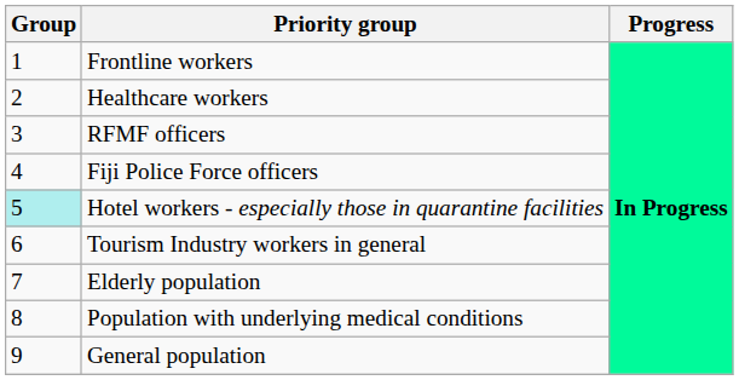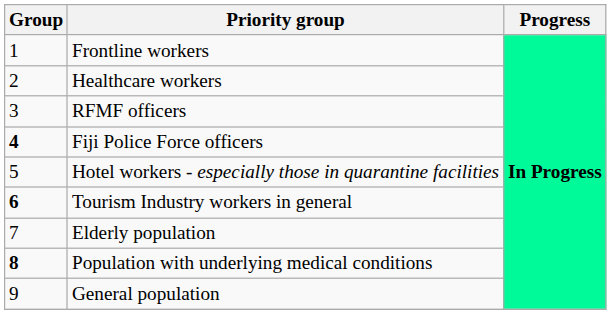 <table class="wikitable">
 <tr>
 <th>Group</th>
 <th>Priority group</th>
 <th>Progress</th>
 </tr>
 <tr>
 <td>1</td>
 <td>Frontline workers</td>
 <td rowspan="9" style="background-color:#00fa9a;"><strong>In Progress</strong></td>
 </tr>
 <tr>
 <td>2</td>
 <td>Healthcare workers</td>
 </tr>
 <tr>
 <td>3</td>
 <td>RFMF officers</td>
 </tr>
 <tr>
-<td>4</td>
+<td><strong>4</strong></td>
 <td>Fiji Police Force officers</td>
 </tr>
 <tr>
-<td style="background: paleturquoise;">5</td>
+<td>5</td>
 <td>Hotel workers - <em>especially those in quarantine facilities</em></td>
 </tr>
 <tr>
-<td>6</td>
+<td><strong>6</strong></td>
 <td>Tourism Industry workers in general</td>
 </tr>
 <tr>
 <td>7</td>
 <td>Elderly population</td>
 </tr>
 <tr>
-<td>8</td>
+<td><strong>8</strong></td>
 <td>Population with underlying medical conditions</td>
 </tr>
 <tr>
 <td>9</td>
 <td>General population</td>
 </tr>
 <tr>
 </tr>
 </table>
